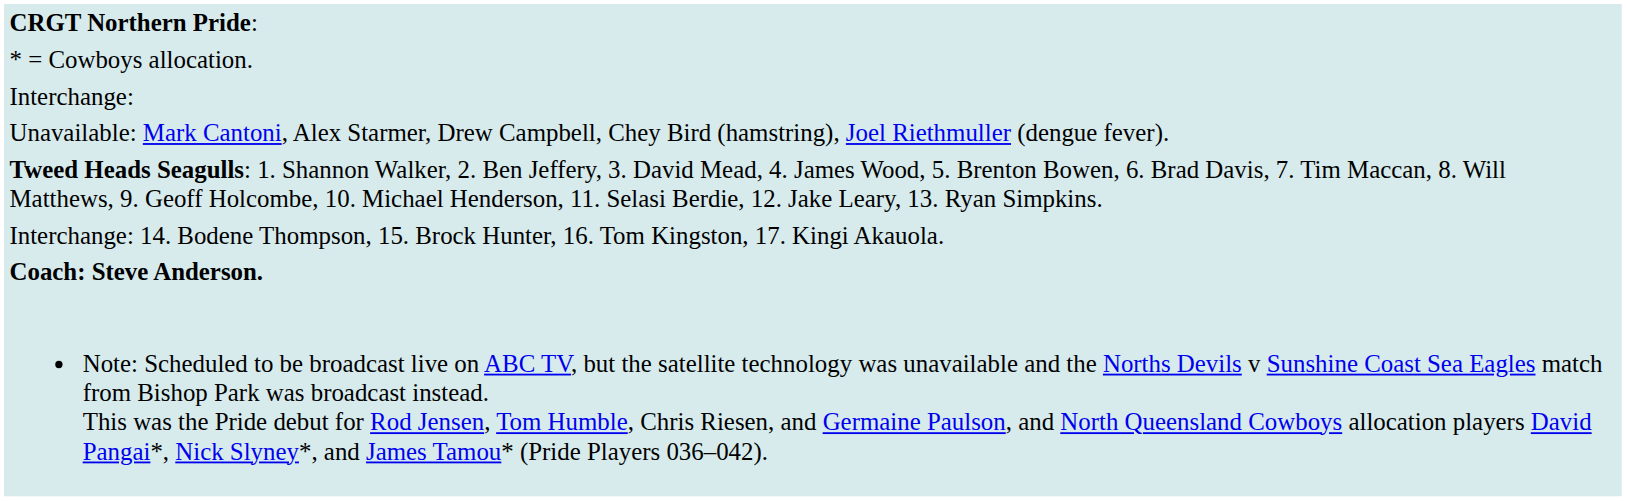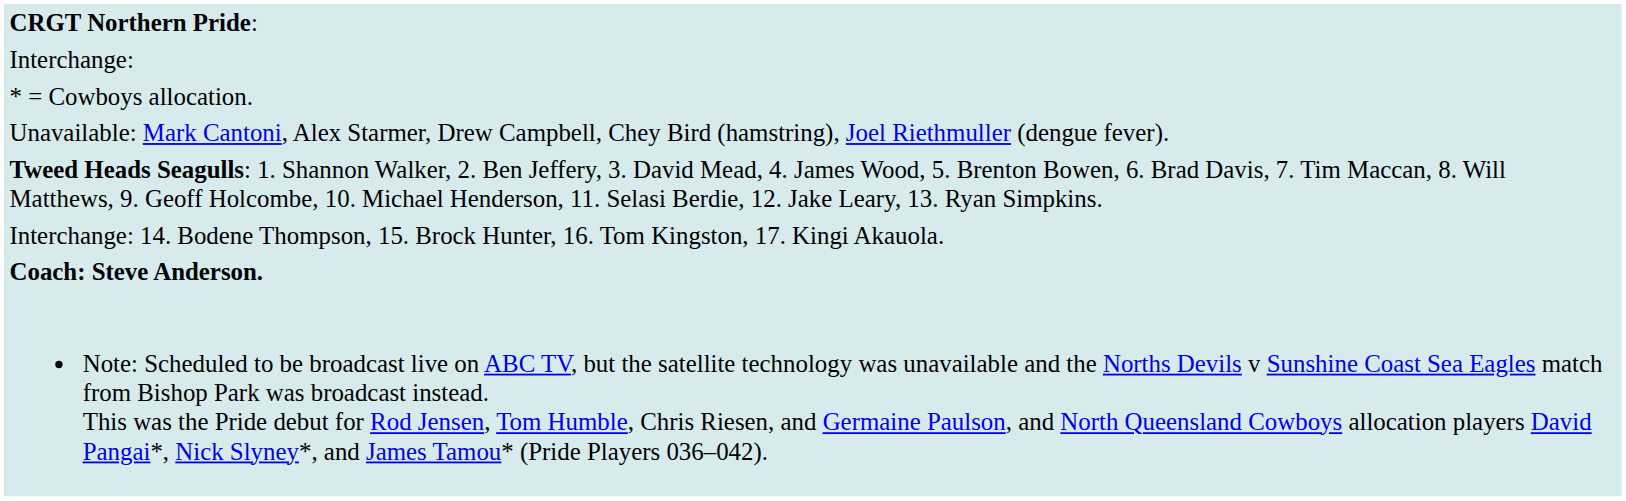 <table style="background:#d7ebed; font-size:85%; width:100%;">
 <tr>
 <td><strong>CRGT Northern Pride</strong>:             </td>
 </tr>
 <tr>
-<td>* = Cowboys allocation.</td>
+<td>Interchange:    </td>
 </tr>
 <tr>
-<td>Interchange:    </td>
+<td>* = Cowboys allocation.</td>
 </tr>
 <tr>
 <td>Unavailable: <a href='#'>Mark Cantoni</a>, Alex Starmer, Drew Campbell, Chey Bird (hamstring), <a href='#'>Joel Riethmuller</a> (dengue fever).</td>
 </tr>
 <tr>
 <td><strong>Tweed Heads Seagulls</strong>: 1. Shannon Walker, 2. Ben Jeffery, 3. David Mead, 4. James Wood, 5. Brenton Bowen, 6. Brad Davis, 7. Tim Maccan, 8. Will Matthews, 9. Geoff Holcombe, 10. Michael Henderson, 11. Selasi Berdie, 12. Jake Leary, 13. Ryan Simpkins.</td>
 </tr>
 <tr>
 <td>Interchange: 14. Bodene Thompson, 15. Brock Hunter, 16. Tom Kingston, 17. Kingi Akauola.</td>
 </tr>
 <tr>
 <td><strong>Coach: Steve Anderson.</strong></td>
 </tr>
 <tr>
 <td><br><ul><li>Note: Scheduled to be broadcast live on <a href='#'>ABC TV</a>, but the satellite technology was unavailable and the <a href='#'>Norths Devils</a> v <a href='#'>Sunshine Coast Sea Eagles</a> match from Bishop Park was broadcast instead.<br>This was the Pride debut for <a href='#'>Rod Jensen</a>, <a href='#'>Tom Humble</a>, Chris Riesen, and <a href='#'>Germaine Paulson</a>, and <a href='#'>North Queensland Cowboys</a> allocation players <a href='#'>David Pangai</a>*, <a href='#'>Nick Slyney</a>*, and <a href='#'>James Tamou</a>* (Pride Players 036–042).</li></ul></td>
 </tr>
 </table>
